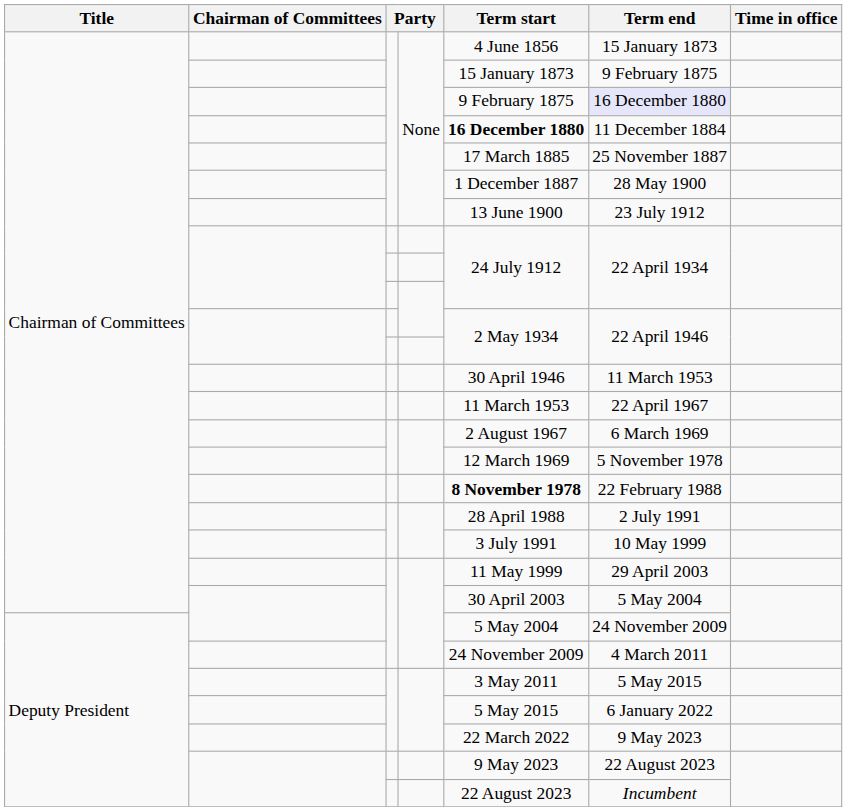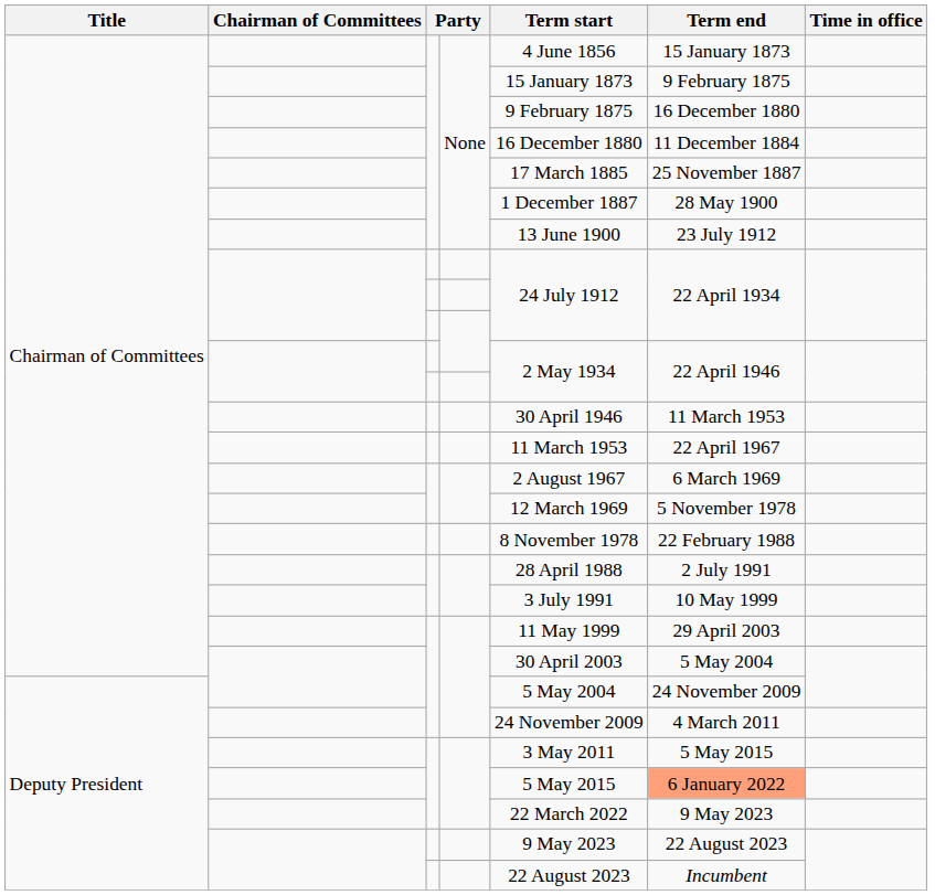 <table class="wikitable sortable">
 <tr>
 <th>Title</th>
 <th>Chairman of Committees</th>
 <th colspan=2>Party</th>
 <th>Term start</th>
 <th>Term end</th>
 <th>Time in office</th>
 </tr>
 <tr>
 <td rowspan=21>Chairman of Committees</td>
 <td></td>
 <td rowspan=7></td>
 <td rowspan=7>None</td>
 <td align=center>4 June 1856</td>
 <td align=center>15 January 1873</td>
 <td align=right></td>
 </tr>
 <tr>
 <td></td>
 <td align=center>15 January 1873</td>
 <td align=center>9 February 1875</td>
 <td align=right></td>
 </tr>
 <tr>
 <td></td>
 <td align=center>9 February 1875</td>
-<td align=center style="background: lavender;">16 December 1880</td>
+<td align=center>16 December 1880</td>
 <td align=right></td>
 </tr>
 <tr>
 <td></td>
-<td align=center><strong>16 December 1880</strong></td>
+<td align=center>16 December 1880</td>
 <td align=center>11 December 1884</td>
 <td align=right></td>
 </tr>
 <tr>
 <td></td>
 <td align=center>17 March 1885</td>
 <td align=center>25 November 1887</td>
 <td align=right></td>
 </tr>
 <tr>
 <td></td>
 <td align=center>1 December 1887</td>
 <td align=center>28 May 1900</td>
 <td align=right></td>
 </tr>
 <tr>
 <td></td>
 <td align=center>13 June 1900</td>
 <td align=center>23 July 1912</td>
 <td align=right></td>
 </tr>
 <tr>
 <td rowspan=3></td>
 <td> </td>
 <td></td>
 <td rowspan=3 align=center>24 July 1912</td>
 <td rowspan=3 align=center>22 April 1934</td>
 <td rowspan=3 align=right><strong></strong></td>
 </tr>
 <tr>
 <td> </td>
 <td></td>
 </tr>
 <tr>
 <td> </td>
 <td rowspan=2></td>
 </tr>
 <tr>
 <td rowspan=2></td>
 <td> </td>
 <td rowspan=2 align=center>2 May 1934</td>
 <td rowspan=2 align=center>22 April 1946</td>
 <td rowspan=2 align=right></td>
 </tr>
 <tr>
 <td> </td>
 <td></td>
 </tr>
 <tr>
 <td></td>
 <td> </td>
 <td></td>
 <td align=center>30 April 1946</td>
 <td align=center>11 March 1953</td>
 <td align=right></td>
 </tr>
 <tr>
 <td></td>
 <td> </td>
 <td></td>
 <td align=center>11 March 1953</td>
 <td align=center>22 April 1967</td>
 <td align=right></td>
 </tr>
 <tr>
 <td></td>
 <td rowspan=2 > </td>
 <td rowspan=2></td>
 <td align=center>2 August 1967</td>
 <td align=center>6 March 1969</td>
 <td align=right></td>
 </tr>
 <tr>
 <td></td>
 <td align=center>12 March 1969</td>
 <td align=center>5 November 1978</td>
 <td align=right></td>
 </tr>
 <tr>
 <td></td>
 <td> </td>
 <td></td>
-<td align=center><strong>8 November 1978</strong></td>
+<td align=center>8 November 1978</td>
 <td align=center>22 February 1988</td>
 <td align=right></td>
 </tr>
 <tr>
 <td></td>
 <td rowspan=2 > </td>
 <td rowspan=2></td>
 <td align=center>28 April 1988</td>
 <td align=center>2 July 1991</td>
 <td align=right></td>
 </tr>
 <tr>
 <td></td>
 <td align=center>3 July 1991</td>
 <td align=center>10 May 1999</td>
 <td align=right></td>
 </tr>
 <tr>
 <td></td>
 <td rowspan=4 > </td>
 <td rowspan=4></td>
 <td align=center>11 May 1999</td>
 <td align=center>29 April 2003</td>
 <td align=right></td>
 </tr>
 <tr>
 <td rowspan=2></td>
 <td align=center>30 April 2003</td>
 <td align=center>5 May 2004</td>
 <td rowspan=2 align=right></td>
 </tr>
 <tr>
 <td rowspan=7>Deputy President</td>
 <td align=center>5 May 2004</td>
 <td align=center>24 November 2009</td>
 </tr>
 <tr>
 <td></td>
 <td align=center>24 November 2009</td>
 <td align=center>4 March 2011</td>
 <td align=right></td>
 </tr>
 <tr>
 <td></td>
 <td rowspan=3 > </td>
 <td rowspan=3></td>
 <td align=center>3 May 2011</td>
 <td align=center>5 May 2015</td>
 <td align=right></td>
 </tr>
 <tr>
 <td></td>
 <td align=center>5 May 2015</td>
-<td align=center>6 January 2022</td>
+<td align=center style="background: lightsalmon;">6 January 2022</td>
 <td align=right></td>
 </tr>
 <tr>
 <td></td>
 <td align=center>22 March 2022</td>
 <td align=center>9 May 2023</td>
 <td align=right></td>
 </tr>
 <tr>
 <td rowspan=2></td>
 <td> </td>
 <td></td>
 <td align=center>9 May 2023</td>
 <td align=center>22 August 2023</td>
 <td rowspan=2 align=right></td>
 </tr>
 <tr>
 <td> </td>
 <td></td>
 <td align=center>22 August 2023</td>
 <td align=center><em>Incumbent</em></td>
 </tr>
 </table>
